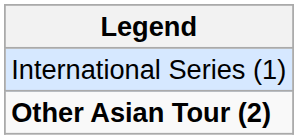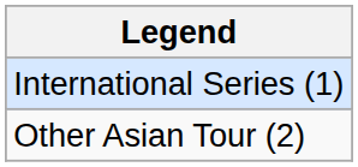 <table class="wikitable" style="font-size:95%;">
 <tr>
 <th>Legend</th>
 </tr>
 <tr style="background:#D6E8FF;">
 <td>International Series (1)</td>
 </tr>
 <tr>
-<td><strong>Other Asian Tour (2)</strong></td>
+<td>Other Asian Tour (2)</td>
 </tr>
 </table>
